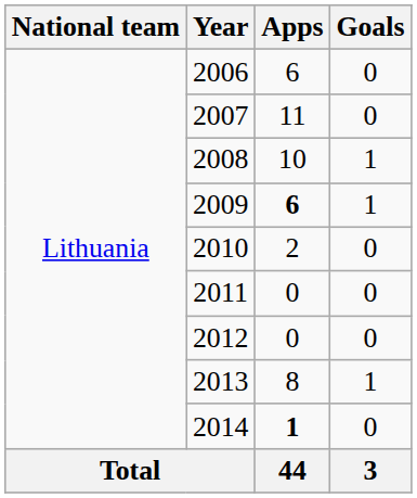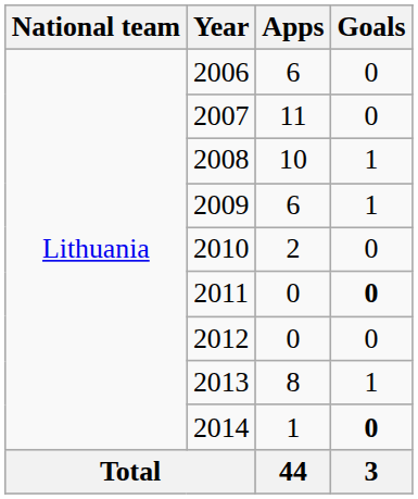 <table class="wikitable" style="text-align:center">
 <tr>
 <th>National team</th>
 <th>Year</th>
 <th>Apps</th>
 <th>Goals</th>
 </tr>
 <tr>
 <td rowspan="9"><a href='#'>Lithuania</a></td>
 <td>2006</td>
 <td>6</td>
 <td>0</td>
 </tr>
 <tr>
 <td>2007</td>
 <td>11</td>
 <td>0</td>
 </tr>
 <tr>
 <td>2008</td>
 <td>10</td>
 <td>1</td>
 </tr>
 <tr>
 <td>2009</td>
-<td><strong>6</strong></td>
+<td>6</td>
 <td>1</td>
 </tr>
 <tr>
 <td>2010</td>
 <td>2</td>
 <td>0</td>
 </tr>
 <tr>
 <td>2011</td>
 <td>0</td>
-<td>0</td>
+<td><strong>0</strong></td>
 </tr>
 <tr>
 <td>2012</td>
 <td>0</td>
 <td>0</td>
 </tr>
 <tr>
 <td>2013</td>
 <td>8</td>
 <td>1</td>
 </tr>
 <tr>
 <td>2014</td>
-<td><strong>1</strong></td>
-<td>0</td>
+<td>1</td>
+<td><strong>0</strong></td>
 </tr>
 <tr>
 <th colspan="2">Total</th>
 <th>44</th>
 <th>3</th>
 </tr>
 </table>
